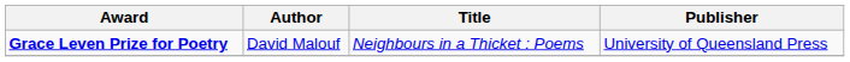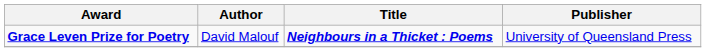 <table class="wikitable" width=95%>
 <tr>
 <th>Award</th>
 <th>Author</th>
 <th>Title</th>
 <th>Publisher</th>
 </tr>
 <tr>
 <td><strong><a href='#'>Grace Leven Prize for Poetry</a></strong></td>
 <td><a href='#'>David Malouf</a></td>
-<td><em><a href='#'>Neighbours in a Thicket : Poems</a></em></td>
+<td><strong><em><a href='#'>Neighbours in a Thicket : Poems</a></em></strong></td>
 <td><a href='#'>University of Queensland Press</a></td>
 </tr>
 <tr>
 </tr>
 </table>
